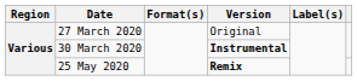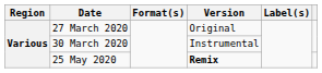 <table class="wikitable plainrowheaders">
 <tr>
 <th scope="col">Region</th>
 <th scope="col">Date</th>
 <th scope="col">Format(s)</th>
 <th scope="col">Version</th>
 <th scope="col">Label(s)</th>
 <th scope="col"></th>
 </tr>
 <tr>
 <th rowspan="3" scope="row">Various</th>
 <td>27 March 2020</td>
 <td rowspan="3"></td>
 <td>Original</td>
 <td rowspan="3"></td>
 <td rowspan="2" style="text-align:center;"></td>
 </tr>
 <tr>
 <td>30 March 2020</td>
-<td><strong>Instrumental</strong></td>
+<td>Instrumental</td>
 </tr>
 <tr>
 <td>25 May 2020</td>
 <td><strong>Remix</strong></td>
 <td style="text-align:center;"></td>
 </tr>
 </table>
